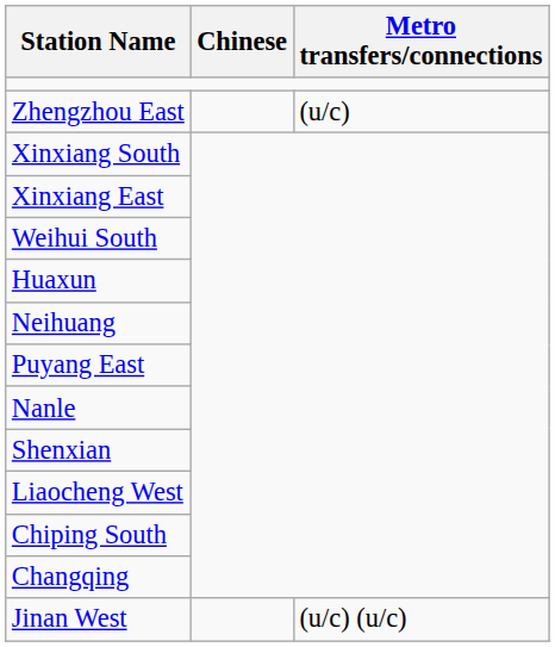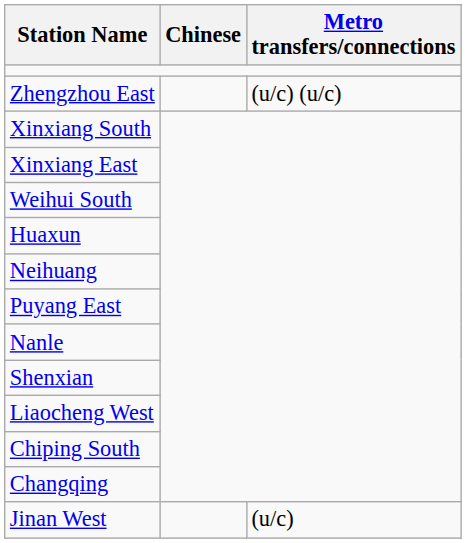 <table class="wikitable">
 <tr>
 <th>Station Name</th>
 <th>Chinese<br> </th>
 <th><a href='#'>Metro</a><br>transfers/connections<br></th>
 </tr>
 <tr style="background:#">
 <td colspan = "11"></td>
 </tr>
 <tr>
 <td><a href='#'>Zhengzhou East</a></td>
 <td></td>
-<td>    (u/c)</td>
+<td>   (u/c)  (u/c)</td>
 </tr>
 <tr>
 <td><a href='#'>Xinxiang South</a></td>
 </tr>
 <tr>
 <td><a href='#'>Xinxiang East</a></td>
 </tr>
 <tr>
 <td><a href='#'>Weihui South</a></td>
 </tr>
 <tr>
 <td><a href='#'>Huaxun</a></td>
 </tr>
 <tr>
 <td><a href='#'>Neihuang</a></td>
 </tr>
 <tr>
 <td><a href='#'>Puyang East</a></td>
 </tr>
 <tr>
 <td><a href='#'>Nanle</a></td>
 </tr>
 <tr>
 <td><a href='#'>Shenxian</a></td>
 </tr>
 <tr>
 <td><a href='#'>Liaocheng West</a></td>
 </tr>
 <tr>
 <td><a href='#'>Chiping South</a></td>
 </tr>
 <tr>
 <td><a href='#'>Changqing</a></td>
 </tr>
 <tr>
 <td><a href='#'>Jinan West</a></td>
 <td></td>
-<td>   (u/c)  (u/c)</td>
+<td>    (u/c)</td>
 </tr>
 </table>
